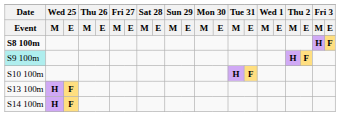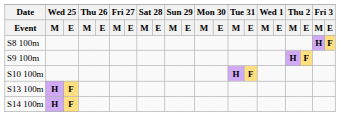 <table class="wikitable" style="margin:0.5em auto; font-size:90%; line-height:1.25em;">
 <tr align="center">
 </tr>
 <tr>
 <th>Date</th>
 <th colspan="2">Wed 25</th>
 <th colspan="2">Thu 26</th>
 <th colspan="2">Fri 27</th>
 <th colspan="2">Sat 28</th>
 <th colspan="2">Sun 29</th>
 <th colspan="2">Mon 30</th>
 <th colspan="2">Tue 31</th>
 <th colspan="2">Wed 1</th>
 <th colspan="2">Thu 2</th>
 <th colspan="2">Fri 3</th>
 </tr>
 <tr>
 <th>Event</th>
 <th>M</th>
 <th>E</th>
 <th>M</th>
 <th>E</th>
 <th>M</th>
 <th>E</th>
 <th>M</th>
 <th>E</th>
 <th>M</th>
 <th>E</th>
 <th>M</th>
 <th>E</th>
 <th>M</th>
 <th>E</th>
 <th>M</th>
 <th>E</th>
 <th>M</th>
 <th>E</th>
 <th>M</th>
 <th>E</th>
 </tr>
 <tr align="center">
-<td align="left"><strong>S8 100m</strong></td>
+<td align="left">S8 100m</td>
 <td colspan="2"></td>
 <td colspan="2"></td>
 <td colspan="2"></td>
 <td colspan="2"></td>
 <td colspan="2"></td>
 <td colspan="2"></td>
 <td colspan="2"></td>
 <td colspan="2"></td>
 <td colspan="2"></td>
 <td bgcolor="#D0A9F5"><strong>H</strong></td>
 <td bgcolor="#FFDF80"><strong>F</strong></td>
 </tr>
 <tr align="center">
-<td align="left" style="background: paleturquoise;">S9 100m</td>
+<td align="left">S9 100m</td>
 <td colspan="2"></td>
 <td colspan="2"></td>
 <td colspan="2"></td>
 <td colspan="2"></td>
 <td colspan="2"></td>
 <td colspan="2"></td>
 <td colspan="2"></td>
 <td colspan="2"></td>
 <td bgcolor="#D0A9F5"><strong>H</strong></td>
 <td bgcolor="#FFDF80"><strong>F</strong></td>
 <td colspan="2"></td>
 </tr>
 <tr align="center">
 <td align="left">S10 100m</td>
 <td colspan="2"></td>
 <td colspan="2"></td>
 <td colspan="2"></td>
 <td colspan="2"></td>
 <td colspan="2"></td>
 <td colspan="2"></td>
 <td bgcolor="#D0A9F5"><strong>H</strong></td>
 <td bgcolor="#FFDF80"><strong>F</strong></td>
 <td colspan="2"></td>
 <td colspan="2"></td>
 <td colspan="2"></td>
 </tr>
 <tr align="center">
 <td align="left">S13 100m</td>
 <td bgcolor="#D0A9F5"><strong>H</strong></td>
 <td bgcolor="#FFDF80"><strong>F</strong></td>
 <td colspan="2"></td>
 <td colspan="2"></td>
 <td colspan="2"></td>
 <td colspan="2"></td>
 <td colspan="2"></td>
 <td colspan="2"></td>
 <td colspan="2"></td>
 <td colspan="2"></td>
 <td colspan="2"></td>
 </tr>
 <tr align="center">
 <td align="left">S14 100m</td>
 <td bgcolor="#D0A9F5"><strong>H</strong></td>
 <td bgcolor="#FFDF80"><strong>F</strong></td>
 <td colspan="2"></td>
 <td colspan="2"></td>
 <td colspan="2"></td>
 <td colspan="2"></td>
 <td colspan="2"></td>
 <td colspan="2"></td>
 <td colspan="2"></td>
 <td colspan="2"></td>
 <td colspan="2"></td>
 </tr>
 </table>
